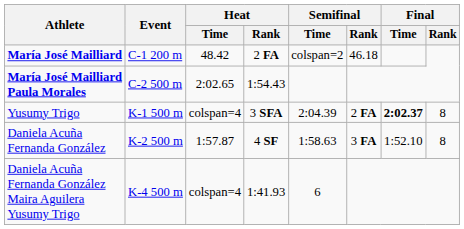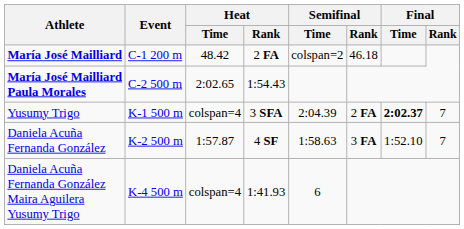 <table class=wikitable style=font-size:90%;text-align:center>
 <tr>
 <th rowspan=2>Athlete</th>
 <th rowspan=2>Event</th>
 <th colspan=2>Heat</th>
 <th colspan=2>Semifinal</th>
 <th colspan=2>Final</th>
 </tr>
 <tr style=font-size:95%>
 <th>Time</th>
 <th>Rank</th>
 <th>Time</th>
 <th>Rank</th>
 <th>Time</th>
 <th>Rank</th>
 </tr>
 <tr>
 <td style="text-align:left"><strong><a href='#'>María José Mailliard</a></strong></td>
 <td style="text-align:left"><a href='#'>C-1 200 m</a></td>
 <td>48.42</td>
 <td>2 <strong>FA</strong></td>
 <td>colspan=2 </td>
 <td>46.18</td>
 <td></td>
 </tr>
 <tr>
 <td style="text-align:left"><strong><a href='#'>María José Mailliard</a><br><a href='#'>Paula Morales</a></strong></td>
 <td style="text-align:left"><a href='#'>C-2 500 m</a></td>
 <td>2:02.65</td>
 <td>1:54.43</td>
 <td></td>
 </tr>
 <tr>
 <td style="text-align:left"><a href='#'>Yusumy Trigo</a></td>
 <td style="text-align:left"><a href='#'>K-1 500 m</a></td>
 <td>colspan=4 </td>
 <td>3 <strong>SFA</strong></td>
 <td>2:04.39</td>
 <td>2 <strong>FA</strong></td>
 <td><strong>2:02.37</strong></td>
-<td>8</td>
+<td>7</td>
 </tr>
 <tr>
 <td style="text-align:left"><a href='#'>Daniela Acuña</a><br><a href='#'>Fernanda González</a></td>
 <td style="text-align:left"><a href='#'>K-2 500 m</a></td>
 <td>1:57.87</td>
 <td>4 <strong>SF</strong></td>
 <td>1:58.63</td>
 <td>3 <strong>FA</strong></td>
 <td>1:52.10</td>
-<td>8</td>
+<td>7</td>
 </tr>
 <tr>
 <td style="text-align:left"><a href='#'>Daniela Acuña</a><br><a href='#'>Fernanda González</a><br><a href='#'>Maira Aguilera</a><br><a href='#'>Yusumy Trigo</a></td>
 <td style="text-align:left"><a href='#'>K-4 500 m</a></td>
 <td>colspan=4 </td>
 <td>1:41.93</td>
 <td>6</td>
 </tr>
 </table>
